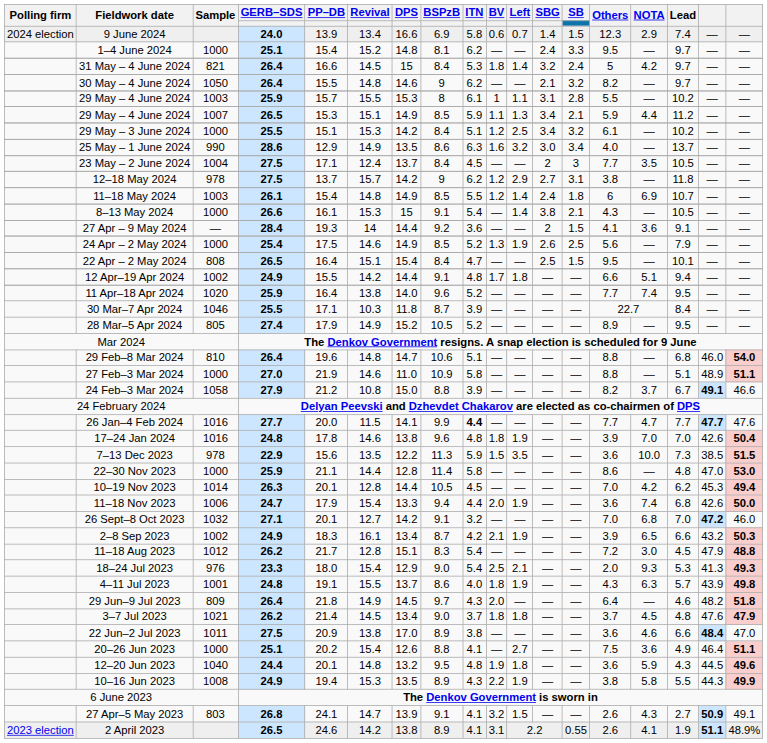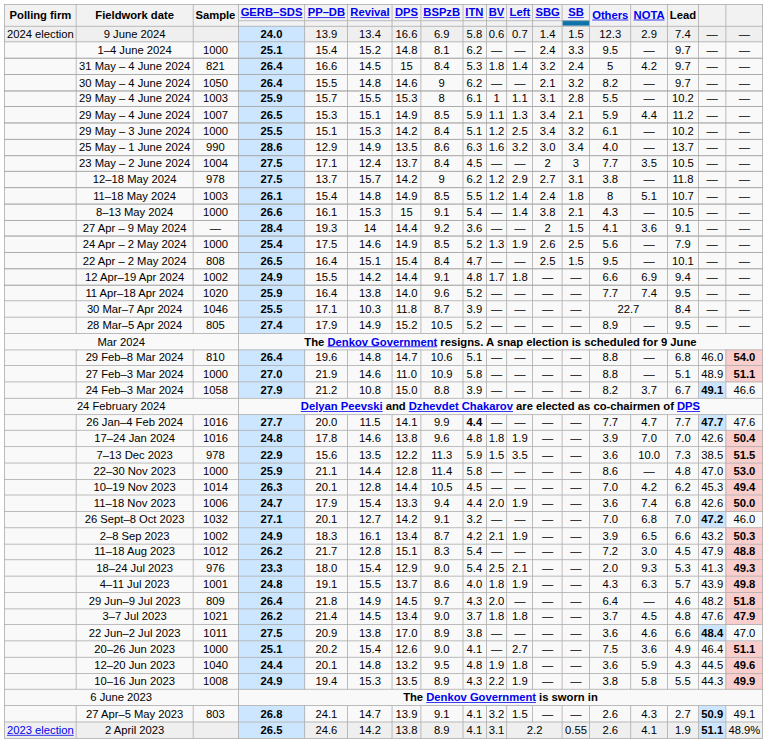 <table class="wikitable sortable" style="text-align:center;font-size:90%;line-height:14px;">
 <tr>
 <th rowspan="2">Polling firm</th>
 <th rowspan="2">Fieldwork date</th>
 <th rowspan="2">Sample</th>
 <th><a href='#'>GERB–SDS</a></th>
 <th><a href='#'>PP–DB</a></th>
 <th><a href='#'>Revival</a></th>
 <th><a href='#'>DPS</a></th>
 <th><a href='#'>BSPzB</a></th>
 <th><a href='#'>ITN</a></th>
 <th><a href='#'>BV</a></th>
 <th><a href='#'>Left</a></th>
 <th><a href='#'>SBG</a></th>
 <th><a href='#'>SB</a></th>
 <th rowspan="2"><a href='#'>Others</a></th>
 <th rowspan="2"><a href='#'>NOTA</a></th>
 <th rowspan="2">Lead</th>
 <th rowspan="2"></th>
 <th rowspan="2"></th>
 </tr>
 <tr>
 <th style="background:"></th>
 <th style="background:"></th>
 <th style="background:"></th>
 <th style="background:"></th>
 <th style="background:"></th>
 <th style="background:"></th>
 <th style="background:"></th>
 <th style="background:"></th>
 <th style="background:"></th>
 <th style="background:#0C73AD"></th>
 </tr>
 <tr style="background:#EFEFEF;">
 <td>2024 election</td>
 <td>9 June 2024</td>
 <td></td>
 <td style="background:#CCE6FF"><strong>24.0</strong><br></td>
 <td>13.9<br></td>
 <td>13.4<br></td>
 <td>16.6<br></td>
 <td>6.9<br></td>
 <td>5.8<br></td>
 <td>0.6<br></td>
 <td>0.7<br></td>
 <td>1.4<br></td>
 <td>1.5<br></td>
 <td>12.3</td>
 <td>2.9</td>
 <td class="unsortable" style="background:">7.4</td>
 <td>—</td>
 <td>—</td>
 </tr>
 <tr>
 <td></td>
 <td data-sort-value="2024-06-01">1–4 June 2024</td>
 <td>1000</td>
 <td style="background:#CCE6FF"><strong>25.1</strong><br></td>
 <td>15.4<br></td>
 <td>15.2<br></td>
 <td>14.8<br></td>
 <td>8.1<br></td>
 <td>6.2<br></td>
 <td>—</td>
 <td>—</td>
 <td>2.4<br></td>
 <td>3.3<br></td>
 <td>9.5</td>
 <td>—</td>
 <td class="unsortable" style="background:">9.7</td>
 <td>—</td>
 <td>—</td>
 </tr>
 <tr>
 </tr>
 <tr>
 </tr>
 <tr>
 </tr>
 <tr>
 </tr>
 <tr>
 </tr>
 <tr>
 <td></td>
 <td data-sort-value="2024-06-01">31 May – 4 June 2024</td>
 <td>821</td>
 <td style="background:#CCE6FF"><strong>26.4</strong><br></td>
 <td>16.6<br></td>
 <td>14.5<br></td>
 <td>15<br></td>
 <td>8.4<br></td>
 <td>5.3<br></td>
 <td>1.8<br></td>
 <td>1.4<br></td>
 <td>3.2<br></td>
 <td>2.4<br></td>
 <td>5</td>
 <td>4.2</td>
 <td class="unsortable" style="background:">9.7</td>
 <td>—</td>
 <td>—</td>
 </tr>
 <tr>
 </tr>
 <tr>
 </tr>
 <tr>
 </tr>
 <tr>
 </tr>
 <tr>
 </tr>
 <tr>
 <td></td>
 <td data-sort-value="2024-06-01">30 May – 4 June 2024</td>
 <td>1050</td>
 <td style="background:#CCE6FF"><strong>26.4</strong><br></td>
 <td>15.5<br></td>
 <td>14.8<br></td>
 <td>14.6<br></td>
 <td>9<br></td>
 <td>6.2<br></td>
 <td>—</td>
 <td>—</td>
 <td>2.1<br></td>
 <td>3.2<br></td>
 <td>8.2</td>
 <td>—</td>
 <td class="unsortable" style="background:">9.7</td>
 <td>—</td>
 <td>—</td>
 </tr>
 <tr>
 </tr>
 <tr>
 </tr>
 <tr>
 </tr>
 <tr>
 </tr>
 <tr>
 <td></td>
 <td data-sort-value="2024-06-01">29 May – 4 June 2024</td>
 <td>1003</td>
 <td style="background:#CCE6FF"><strong>25.9</strong><br></td>
 <td>15.7<br></td>
 <td>15.5<br></td>
 <td>15.3<br></td>
 <td>8<br></td>
 <td>6.1<br></td>
 <td>1<br></td>
 <td>1.1<br></td>
 <td>3.1<br></td>
 <td>2.8<br></td>
 <td>5.5</td>
 <td>—</td>
 <td class="unsortable" style="background:">10.2</td>
 <td>—</td>
 <td>—</td>
 </tr>
 <tr>
 </tr>
 <tr>
 </tr>
 <tr>
 </tr>
 <tr>
 </tr>
 <tr>
 </tr>
 <tr>
 <td></td>
 <td data-sort-value="2024-06-01">29 May – 4 June 2024</td>
 <td>1007</td>
 <td style="background:#CCE6FF"><strong>26.5</strong><br></td>
 <td>15.3<br></td>
 <td>15.1<br></td>
 <td>14.9<br></td>
 <td>8.5<br></td>
 <td>5.9<br></td>
 <td>1.1<br></td>
 <td>1.3<br></td>
 <td>3.4<br></td>
 <td>2.1<br></td>
 <td>5.9</td>
 <td>4.4</td>
 <td class="unsortable" style="background:">11.2</td>
 <td>—</td>
 <td>—</td>
 </tr>
 <tr>
 </tr>
 <tr>
 </tr>
 <tr>
 </tr>
 <tr>
 </tr>
 <tr>
 </tr>
 <tr>
 <td></td>
 <td data-sort-value="2024-06-01">29 May – 3 June 2024</td>
 <td>1000</td>
 <td style="background:#CCE6FF"><strong>25.5</strong><br></td>
 <td>15.1<br></td>
 <td>15.3<br></td>
 <td>14.2<br></td>
 <td>8.4<br></td>
 <td>5.1<br></td>
 <td>1.2<br></td>
 <td>2.5<br></td>
 <td>3.4<br></td>
 <td>3.2<br></td>
 <td>6.1</td>
 <td>—</td>
 <td class="unsortable" style="background:">10.2</td>
 <td>—</td>
 <td>—</td>
 </tr>
 <tr>
 </tr>
 <tr>
 </tr>
 <tr>
 </tr>
 <tr>
 </tr>
 <tr>
 </tr>
 <tr>
 <td></td>
 <td data-sort-value="2024-06-01">25 May – 1 June 2024</td>
 <td>990</td>
 <td style="background:#CCE6FF"><strong>28.6</strong><br></td>
 <td>12.9<br></td>
 <td>14.9<br></td>
 <td>13.5<br></td>
 <td>8.6<br></td>
 <td>6.3<br></td>
 <td>1.6<br></td>
 <td>3.2<br></td>
 <td>3.0<br></td>
 <td>3.4<br></td>
 <td>4.0</td>
 <td>—</td>
 <td class="unsortable" style="background:">13.7</td>
 <td>—</td>
 <td>—</td>
 </tr>
 <tr>
 </tr>
 <tr>
 </tr>
 <tr>
 </tr>
 <tr>
 </tr>
 <tr>
 <td></td>
 <td data-sort-value="2024-06-01">23 May – 2 June 2024</td>
 <td>1004</td>
 <td style="background:#CCE6FF"><strong>27.5</strong><br></td>
 <td>17.1<br></td>
 <td>12.4<br></td>
 <td>13.7<br></td>
 <td>8.4<br></td>
 <td>4.5<br></td>
 <td>—</td>
 <td>—</td>
 <td>2<br></td>
 <td>3<br></td>
 <td>7.7</td>
 <td>3.5</td>
 <td class="unsortable" style="background:">10.5</td>
 <td>—</td>
 <td>—</td>
 </tr>
 <tr>
 </tr>
 <tr>
 </tr>
 <tr>
 </tr>
 <tr>
 </tr>
 <tr>
 </tr>
 <tr>
 <td></td>
 <td data-sort-value="2024-04-19">12–18 May 2024</td>
 <td>978</td>
 <td style="background:#CCE6FF"><strong>27.5</strong><br></td>
 <td>13.7<br></td>
 <td>15.7<br></td>
 <td>14.2<br></td>
 <td>9<br></td>
 <td>6.2<br></td>
 <td>1.2<br></td>
 <td>2.9<br></td>
 <td>2.7<br></td>
 <td>3.1<br></td>
 <td>3.8</td>
 <td>—</td>
 <td class="unsortable" style="background:">11.8</td>
 <td>—</td>
 <td>—</td>
 </tr>
 <tr>
 </tr>
 <tr>
 </tr>
 <tr>
 </tr>
 <tr>
 </tr>
 <tr>
 <td></td>
 <td data-sort-value="2024-04-19">11–18 May 2024</td>
 <td>1003</td>
 <td style="background:#CCE6FF"><strong>26.1</strong><br></td>
 <td>15.4<br></td>
 <td>14.8<br></td>
 <td>14.9<br></td>
 <td>8.5<br></td>
 <td>5.5<br></td>
 <td>1.2<br></td>
 <td>1.4<br></td>
 <td>2.4<br></td>
 <td>1.8<br></td>
-<td>6</td>
-<td>6.9</td>
+<td>8</td>
+<td>5.1</td>
 <td class="unsortable" style="background:">10.7</td>
 <td>—</td>
 <td>—</td>
 </tr>
 <tr>
 </tr>
 <tr>
 </tr>
 <tr>
 </tr>
 <tr>
 <td></td>
 <td data-sort-value="2024-04-19">8–13 May 2024</td>
 <td>1000</td>
 <td style="background:#CCE6FF"><strong>26.6</strong><br></td>
 <td>16.1<br></td>
 <td>15.3<br></td>
 <td>15<br></td>
 <td>9.1<br></td>
 <td>5.4<br></td>
 <td>—</td>
 <td>1.4<br></td>
 <td>3.8<br></td>
 <td>2.1<br></td>
 <td>4.3</td>
 <td>—</td>
 <td class="unsortable" style="background:">10.5</td>
 <td>—</td>
 <td>—</td>
 </tr>
 <tr>
 </tr>
 <tr>
 </tr>
 <tr>
 </tr>
 <tr>
 <td></td>
 <td data-sort-value="2024-04-19">27 Apr – 9 May 2024</td>
 <td>—</td>
 <td style="background:#CCE6FF"><strong>28.4</strong><br></td>
 <td>19.3<br></td>
 <td>14<br></td>
 <td>14.4<br></td>
 <td>9.2<br></td>
 <td>3.6<br></td>
 <td>—</td>
 <td>—</td>
 <td>2<br></td>
 <td>1.5<br></td>
 <td>4.1</td>
 <td>3.6</td>
 <td class="unsortable" style="background:">9.1</td>
 <td>—</td>
 <td>—</td>
 </tr>
 <tr>
 </tr>
 <tr>
 </tr>
 <tr>
 <td></td>
 <td data-sort-value="2024-04-19">24 Apr – 2 May 2024</td>
 <td>1000</td>
 <td style="background:#CCE6FF"><strong>25.4</strong><br></td>
 <td>17.5<br></td>
 <td>14.6<br></td>
 <td>14.9<br></td>
 <td>8.5<br></td>
 <td>5.2<br></td>
 <td>1.3<br></td>
 <td>1.9<br></td>
 <td>2.6<br></td>
 <td>2.5<br></td>
 <td>5.6</td>
 <td>—</td>
 <td class="unsortable" style="background:">7.9</td>
 <td>—</td>
 <td>—</td>
 </tr>
 <tr>
 </tr>
 <tr>
 <td></td>
 <td data-sort-value="2024-04-19">22 Apr – 2 May 2024</td>
 <td>808</td>
 <td style="background:#CCE6FF"><strong>26.5</strong><br></td>
 <td>16.4<br></td>
 <td>15.1<br></td>
 <td>15.4<br></td>
 <td>8.4<br></td>
 <td>4.7<br></td>
 <td>—</td>
 <td>—</td>
 <td>2.5<br></td>
 <td>1.5<br></td>
 <td>9.5</td>
 <td>—</td>
 <td class="unsortable" style="background:">10.1</td>
 <td>—</td>
 <td>—</td>
 </tr>
 <tr>
 </tr>
 <tr>
 <td></td>
 <td data-sort-value="2024-04-19">12 Apr–19 Apr 2024</td>
 <td>1002</td>
 <td style="background:#CCE6FF"><strong>24.9</strong><br></td>
 <td>15.5<br></td>
 <td>14.2<br></td>
 <td>14.4<br></td>
 <td>9.1<br></td>
 <td>4.8<br></td>
 <td>1.7<br></td>
 <td>1.8<br></td>
 <td>—</td>
 <td>—</td>
 <td>6.6</td>
-<td>5.1</td>
+<td>6.9</td>
 <td class="unsortable" style="background:">9.4</td>
 <td>—</td>
 <td>—</td>
 </tr>
 <tr>
 </tr>
 <tr>
 <td></td>
 <td data-sort-value="2024-04-18">11 Apr–18 Apr 2024</td>
 <td>1020</td>
 <td style="background:#CCE6FF"><strong>25.9</strong><br></td>
 <td>16.4<br></td>
 <td>13.8<br></td>
 <td>14.0<br></td>
 <td>9.6<br></td>
 <td>5.2<br></td>
 <td>—</td>
 <td>—</td>
 <td>—</td>
 <td>—</td>
 <td>7.7</td>
 <td>7.4</td>
 <td class="unsortable" style="background:">9.5</td>
 <td>—</td>
 <td>—</td>
 </tr>
 <tr>
 <td></td>
 <td data-sort-value="2024-04-07">30 Mar–7 Apr 2024</td>
 <td>1046</td>
 <td style="background:#CCE6FF"><strong>25.5</strong></td>
 <td>17.1</td>
 <td>10.3<br></td>
 <td>11.8<br></td>
 <td>8.7<br></td>
 <td>3.9<br></td>
 <td>—</td>
 <td>—</td>
 <td>—</td>
 <td>—</td>
 <td colspan="2">22.7</td>
 <td class="unsortable" style="background:">8.4</td>
 <td>—</td>
 <td>—</td>
 </tr>
 <tr>
 <td></td>
 <td data-sort-value="2024-03-28">28 Mar–5 Apr 2024</td>
 <td>805</td>
 <td style="background:#CCE6FF"><strong>27.4</strong><br></td>
 <td>17.9<br></td>
 <td>14.9<br></td>
 <td>15.2<br></td>
 <td>10.5<br></td>
 <td>5.2<br></td>
 <td>—</td>
 <td>—</td>
 <td>—</td>
 <td>—</td>
 <td>8.9</td>
 <td>—</td>
 <td class="unsortable" style="background:">9.5</td>
 <td>—</td>
 <td>—</td>
 </tr>
 <tr>
 <td colspan="3" data-sort-value="2024-03-15">Mar 2024</td>
 <td colspan="15" style="font-weight:bold;">The <a href='#'>Denkov Government</a> resigns. A snap election is scheduled for 9 June</td>
 </tr>
 <tr>
 <td></td>
 <td data-sort-value="2024-03-08">29 Feb–8 Mar 2024</td>
 <td>810</td>
 <td style="background:#CCE6FF"><strong>26.4</strong><br></td>
 <td>19.6<br></td>
 <td>14.8<br></td>
 <td>14.7<br></td>
 <td>10.6<br></td>
 <td>5.1<br></td>
 <td>—</td>
 <td>—</td>
 <td>—</td>
 <td>—</td>
 <td>8.8</td>
 <td>—</td>
 <td class="unsortable" style="background:">6.8</td>
 <td>46.0</td>
 <td style="background:#FACECD;"><strong>54.0</strong></td>
 </tr>
 <tr>
 <td></td>
 <td data-sort-value="2024-03-03">27 Feb–3 Mar 2024</td>
 <td>1000</td>
 <td style="background:#CCE6FF"><strong>27.0</strong><br></td>
 <td>21.9<br></td>
 <td>14.6<br></td>
 <td>11.0<br></td>
 <td>10.9<br></td>
 <td>5.8<br></td>
 <td>—</td>
 <td>—</td>
 <td>—</td>
 <td>—</td>
 <td>8.8</td>
 <td>—</td>
 <td class="unsortable" style="background:">5.1</td>
 <td>48.9</td>
 <td style="background:#FACECD;"><strong>51.1</strong></td>
 </tr>
 <tr>
 <td></td>
 <td data-sort-value="2024-03-03">24 Feb–3 Mar 2024</td>
 <td>1058</td>
 <td style="background:#CCE6FF"><strong>27.9</strong><br></td>
 <td>21.2<br></td>
 <td>10.8<br></td>
 <td>15.0<br></td>
 <td>8.8<br></td>
 <td>3.9<br></td>
 <td>—</td>
 <td>—</td>
 <td>—</td>
 <td>—</td>
 <td>8.2</td>
 <td>3.7</td>
 <td class="unsortable" style="background:">6.7</td>
 <td style="background:#CCE6FF"><strong>49.1</strong></td>
 <td>46.6</td>
 </tr>
 <tr>
 <td colspan="3" data-sort-value="2024-02-24">24 February 2024</td>
 <td colspan="15" style="font-weight:bold;"><a href='#'>Delyan Peevski</a> and <a href='#'>Dzhevdet Chakarov</a> are elected as co-chairmen of <a href='#'>DPS</a></td>
 </tr>
 <tr>
 <td></td>
 <td data-sort-value="2024-02-04">26 Jan–4 Feb 2024</td>
 <td>1016</td>
 <td style="background:#CCE6FF"><strong>27.7</strong><br></td>
 <td>20.0<br></td>
 <td>11.5<br></td>
 <td>14.1<br></td>
 <td>9.9<br></td>
 <td><strong>4.4<br></strong></td>
 <td>—</td>
 <td>—</td>
 <td>—</td>
 <td>—</td>
 <td>7.7</td>
 <td>4.7</td>
 <td class="unsortable" style="background:">7.7</td>
 <td style="background:#CCE6FF"><strong>47.7</strong></td>
 <td>47.6</td>
 </tr>
 <tr>
 <td></td>
 <td data-sort-value="2024-01-24">17–24 Jan 2024</td>
 <td>1016</td>
 <td style="background:#CCE6FF"><strong>24.8</strong><br></td>
 <td>17.8<br></td>
 <td>14.6<br></td>
 <td>13.8<br></td>
 <td>9.6<br></td>
 <td>4.8<br></td>
 <td>1.8<br></td>
 <td>1.9<br></td>
 <td>—</td>
 <td>—</td>
 <td>3.9</td>
 <td>7.0</td>
 <td class="unsortable" style="background:">7.0</td>
 <td>42.6</td>
 <td style="background:#FACECD;"><strong>50.4</strong></td>
 </tr>
 <tr>
 <td></td>
 <td data-sort-value="2023-12-13">7–13 Dec 2023</td>
 <td>978</td>
 <td style="background:#CCE6FF"><strong>22.9</strong><br></td>
 <td>15.6<br></td>
 <td>13.5<br></td>
 <td>12.2<br></td>
 <td>11.3<br></td>
 <td>5.9<br></td>
 <td>1.5<br></td>
 <td>3.5<br></td>
 <td>—</td>
 <td>—</td>
 <td>3.6</td>
 <td>10.0</td>
 <td class="unsortable" style="background:">7.3</td>
 <td>38.5</td>
 <td style="background:#FACECD;"><strong>51.5</strong></td>
 </tr>
 <tr>
 <td></td>
 <td data-sort-value="2023-11-30">22–30 Nov 2023</td>
 <td>1000</td>
 <td style="background:#CCE6FF"><strong>25.9</strong><br></td>
 <td>21.1<br></td>
 <td>14.4<br></td>
 <td>12.8<br></td>
 <td>11.4<br></td>
 <td>5.8<br></td>
 <td>—</td>
 <td>—</td>
 <td>—</td>
 <td>—</td>
 <td>8.6</td>
 <td>—</td>
 <td class="unsortable" style="background:">4.8</td>
 <td>47.0</td>
 <td style="background:#FACECD;"><strong>53.0</strong></td>
 </tr>
 <tr>
 <td></td>
 <td data-sort-value="2023-11-19">10–19 Nov 2023</td>
 <td>1014</td>
 <td style="background:#CCE6FF"><strong>26.3</strong><br></td>
 <td>20.1<br></td>
 <td>12.8<br></td>
 <td>14.4<br></td>
 <td>10.5<br></td>
 <td>4.5<br></td>
 <td>—</td>
 <td>—</td>
 <td>—</td>
 <td>—</td>
 <td>7.0</td>
 <td>4.2</td>
 <td class="unsortable" style="background:">6.2</td>
 <td>45.3</td>
 <td style="background:#FACECD;"><strong>49.4</strong></td>
 </tr>
 <tr>
 <td></td>
 <td data-sort-value="2023-11-18">11–18 Nov 2023</td>
 <td>1006</td>
 <td style="background:#CCE6FF"><strong>24.7</strong><br></td>
 <td>17.9<br></td>
 <td>15.4<br></td>
 <td>13.3<br></td>
 <td>9.4<br></td>
 <td>4.4<br></td>
 <td>2.0<br></td>
 <td>1.9<br></td>
 <td>—</td>
 <td>—</td>
 <td>3.6</td>
 <td>7.4</td>
 <td class="unsortable" style="background:">6.8</td>
 <td>42.6</td>
 <td style="background:#FACECD;"><strong>50.0</strong></td>
 </tr>
 <tr>
 <td></td>
 <td data-sort-value="2023-10-08">26 Sept–8 Oct 2023</td>
 <td>1032</td>
 <td style="background:#CCE6FF"><strong>27.1</strong><br></td>
 <td>20.1<br></td>
 <td>12.7<br></td>
 <td>14.2<br></td>
 <td>9.1<br></td>
 <td>3.2<br></td>
 <td>—</td>
 <td>—</td>
 <td>—</td>
 <td>—</td>
 <td>7.0</td>
 <td>6.8</td>
 <td class="unsortable" style="background:">7.0</td>
 <td style="background:#CCE6FF"><strong>47.2</strong></td>
 <td>46.0</td>
 </tr>
 <tr>
 <td></td>
 <td data-sort-value="2023-08-18">2–8 Sep 2023</td>
 <td>1002</td>
 <td style="background:#CCE6FF"><strong>24.9</strong><br></td>
 <td>18.3<br></td>
 <td>16.1<br></td>
 <td>13.4<br></td>
 <td>8.7<br></td>
 <td>4.2<br></td>
 <td>2.1<br></td>
 <td>1.9<br></td>
 <td>—</td>
 <td>—</td>
 <td>3.9</td>
 <td>6.5</td>
 <td class="unsortable" style="background:">6.6</td>
 <td>43.2</td>
 <td style="background:#FACECD;"><strong>50.3</strong></td>
 </tr>
 <tr>
 <td></td>
 <td data-sort-value="2023-08-18">11–18 Aug 2023</td>
 <td>1012</td>
 <td style="background:#CCE6FF"><strong>26.2</strong><br></td>
 <td>21.7<br></td>
 <td>12.8<br></td>
 <td>15.1<br></td>
 <td>8.3<br></td>
 <td>5.4<br></td>
 <td>—</td>
 <td>—</td>
 <td>—</td>
 <td>—</td>
 <td>7.2</td>
 <td>3.0</td>
 <td class="unsortable" style="background:">4.5</td>
 <td>47.9</td>
 <td style="background:#FACECD;"><strong>48.8</strong></td>
 </tr>
 <tr>
 <td></td>
 <td data-sort-value="2023-07-24">18–24 Jul 2023</td>
 <td>976</td>
 <td style="background:#CCE6FF"><strong>23.3</strong><br></td>
 <td>18.0<br></td>
 <td>15.4<br></td>
 <td>12.9<br></td>
 <td>9.0<br></td>
 <td>5.4<br></td>
 <td>2.5<br></td>
 <td>2.1<br></td>
 <td>—</td>
 <td>—</td>
 <td>2.0</td>
 <td>9.3</td>
 <td class="unsortable" style="background:">5.3</td>
 <td>41.3</td>
 <td style="background:#FACECD;"><strong>49.3</strong></td>
 </tr>
 <tr>
 <td></td>
 <td data-sort-value="2023-07-11">4–11 Jul 2023</td>
 <td>1001</td>
 <td style="background:#CCE6FF"><strong>24.8</strong><br></td>
 <td>19.1<br></td>
 <td>15.5<br></td>
 <td>13.7<br></td>
 <td>8.6<br></td>
 <td>4.0<br></td>
 <td>1.8<br></td>
 <td>1.9<br></td>
 <td>—</td>
 <td>—</td>
 <td>4.3</td>
 <td>6.3</td>
 <td class="unsortable" style="background:">5.7</td>
 <td>43.9</td>
 <td style="background:#FACECD;"><strong>49.8</strong></td>
 </tr>
 <tr>
 <td></td>
 <td data-sort-value="2023-07-09">29 Jun–9 Jul 2023</td>
 <td>809</td>
 <td style="background:#CCE6FF"><strong>26.4</strong><br></td>
 <td>21.8<br></td>
 <td>14.9<br></td>
 <td>14.5<br></td>
 <td>9.7<br></td>
 <td>4.3<br></td>
 <td>2.0<br></td>
 <td>—</td>
 <td>—</td>
 <td>—</td>
 <td>6.4</td>
 <td>—</td>
 <td class="unsortable" style="background:">4.6</td>
 <td>48.2</td>
 <td style="background:#FACECD;"><strong>51.8</strong></td>
 </tr>
 <tr>
 <td></td>
 <td data-sort-value="2023-07-07">3–7 Jul 2023</td>
 <td>1021</td>
 <td style="background:#CCE6FF"><strong>26.2</strong><br></td>
 <td>21.4<br></td>
 <td>14.5<br></td>
 <td>13.4<br></td>
 <td>9.0<br></td>
 <td>3.7<br></td>
 <td>1.8<br></td>
 <td>1.8<br></td>
 <td>—</td>
 <td>—</td>
 <td>3.7</td>
 <td>4.5</td>
 <td class="unsortable" style="background:">4.8</td>
 <td>47.6</td>
 <td style="background:#FACECD;"><strong>47.9</strong></td>
 </tr>
 <tr>
 <td></td>
 <td data-sort-value="2023-07-02">22 Jun–2 Jul 2023</td>
 <td>1011</td>
 <td style="background:#CCE6FF"><strong>27.5</strong><br> </td>
 <td>20.9<br></td>
 <td>13.8<br></td>
 <td>17.0<br></td>
 <td>8.9<br></td>
 <td>3.8<br></td>
 <td>—</td>
 <td>—</td>
 <td>—</td>
 <td>—</td>
 <td>3.6</td>
 <td>4.6</td>
 <td class="unsortable" style="background:">6.6</td>
 <td style="background:#CCE6FF"><strong>48.4</strong></td>
 <td>47.0</td>
 </tr>
 <tr>
 <td></td>
 <td data-sort-value="2023-06-26">20–26 Jun 2023</td>
 <td>1000</td>
 <td style="background:#CCE6FF"><strong>25.1</strong><br></td>
 <td>20.2<br></td>
 <td>15.4<br></td>
 <td>12.6<br></td>
-<td>8.8<br></td>
+<td>9.0<br></td>
 <td>4.1<br></td>
 <td>—</td>
 <td>2.7<br></td>
 <td>—</td>
 <td>—</td>
 <td>7.5</td>
 <td>3.6</td>
 <td class="unsortable" style="background:">4.9</td>
 <td>46.4</td>
 <td style="background:#FACECD;"><strong>51.1</strong></td>
 </tr>
 <tr>
 <td></td>
 <td data-sort-value="2023-06-20">12–20 Jun 2023</td>
 <td>1040</td>
 <td style="background:#CCE6FF"><strong>24.4</strong><br></td>
 <td>20.1<br></td>
 <td>14.8<br></td>
 <td>13.2<br></td>
 <td>9.5<br></td>
 <td>4.8<br></td>
 <td>1.9<br></td>
 <td>1.8<br></td>
 <td>—</td>
 <td>—</td>
 <td>3.6</td>
 <td>5.9</td>
 <td class="unsortable" style="background:">4.3</td>
 <td>44.5</td>
 <td style="background:#FACECD;"><strong>49.6</strong></td>
 </tr>
 <tr>
 <td></td>
 <td data-sort-value="2023-06-16">10–16 Jun 2023</td>
 <td>1008</td>
 <td style="background:#CCE6FF"><strong>24.9</strong><br></td>
 <td>19.4<br></td>
 <td>15.3<br></td>
 <td>13.5<br></td>
 <td>8.9<br></td>
 <td>4.3<br></td>
 <td>2.2<br></td>
 <td>1.9<br></td>
 <td>—</td>
 <td>—</td>
 <td>3.8</td>
 <td>5.8</td>
 <td class="unsortable" style="background:">5.5</td>
 <td>44.3</td>
 <td style="background:#FACECD;"><strong>49.9</strong></td>
 </tr>
 <tr>
 <td colspan="3" data-sort-value="2023-06-06">6 June 2023</td>
 <td colspan="15" style="font-weight:bold;">The <a href='#'>Denkov Government</a> is sworn in</td>
 </tr>
 <tr>
 <td></td>
 <td data-sort-value="2023-05-05">27 Apr–5 May 2023</td>
 <td>803</td>
 <td style="background:#CCE6FF"><strong>26.8</strong><br></td>
 <td>24.1<br></td>
 <td>14.7<br></td>
 <td>13.9<br></td>
 <td>9.1<br></td>
 <td>4.1<br></td>
 <td>3.2<br></td>
 <td>1.5<br></td>
 <td>—</td>
 <td>—</td>
 <td>2.6</td>
 <td>4.3</td>
 <td class="unsortable" style="background:">2.7</td>
 <td style="background:#CCE6FF"><strong>50.9</strong></td>
 <td>49.1</td>
 </tr>
 <tr style="background:#EFEFEF;">
 <td><a href='#'>2023 election</a></td>
 <td data-sort-value="2023-04-02">2 April 2023</td>
 <td></td>
 <td style="background:#CCE6FF"><strong>26.5</strong><br></td>
 <td>24.6<br></td>
 <td>14.2<br></td>
 <td>13.8<br></td>
 <td>8.9<br></td>
 <td>4.1<br></td>
 <td>3.1<br></td>
 <td colspan="2">2.2<br></td>
 <td>0.55<br></td>
 <td>2.6</td>
 <td>4.1</td>
 <td class="unsortable" style="background:">1.9</td>
 <td style="background:#CCE6FF"><strong>51.1</strong></td>
 <td>48.9%</td>
 </tr>
 </table>
